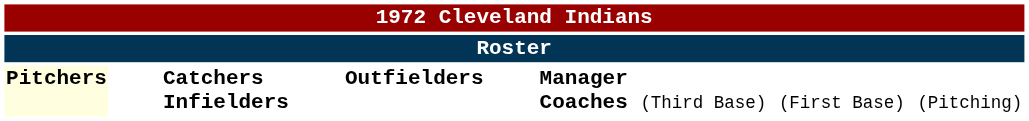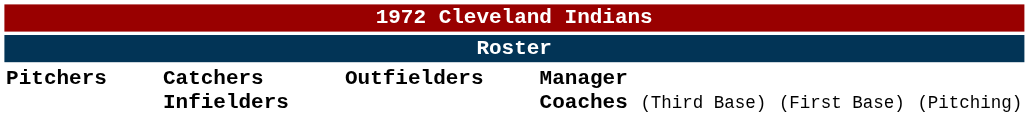 <table class="toccolours" style="font-size: 95%;">
 <tr>
 <th colspan="10" style="background-color: #990000; color: white; text-align: center;">1972 Cleveland Indians</th>
 </tr>
 <tr>
 <td colspan="10" style="background-color: #023456; color: white; text-align: center;"><strong>Roster</strong></td>
 </tr>
 <tr>
-<td valign="top" style="background: lightyellow;"><strong>Pitchers</strong><br>               </td>
+<td valign="top"><strong>Pitchers</strong><br>               </td>
 <td width="25px"></td>
 <td valign="top"><strong>Catchers</strong><br>   <strong>Infielders</strong>        </td>
 <td width="25px"></td>
 <td valign="top"><strong>Outfielders</strong><br>        </td>
 <td width="25px"></td>
 <td valign="top"><strong>Manager</strong><br> <strong>Coaches</strong>   <small>(Third Base)</small>  <small>(First Base)</small>  <small>(Pitching)</small></td>
 </tr>
 </table>
